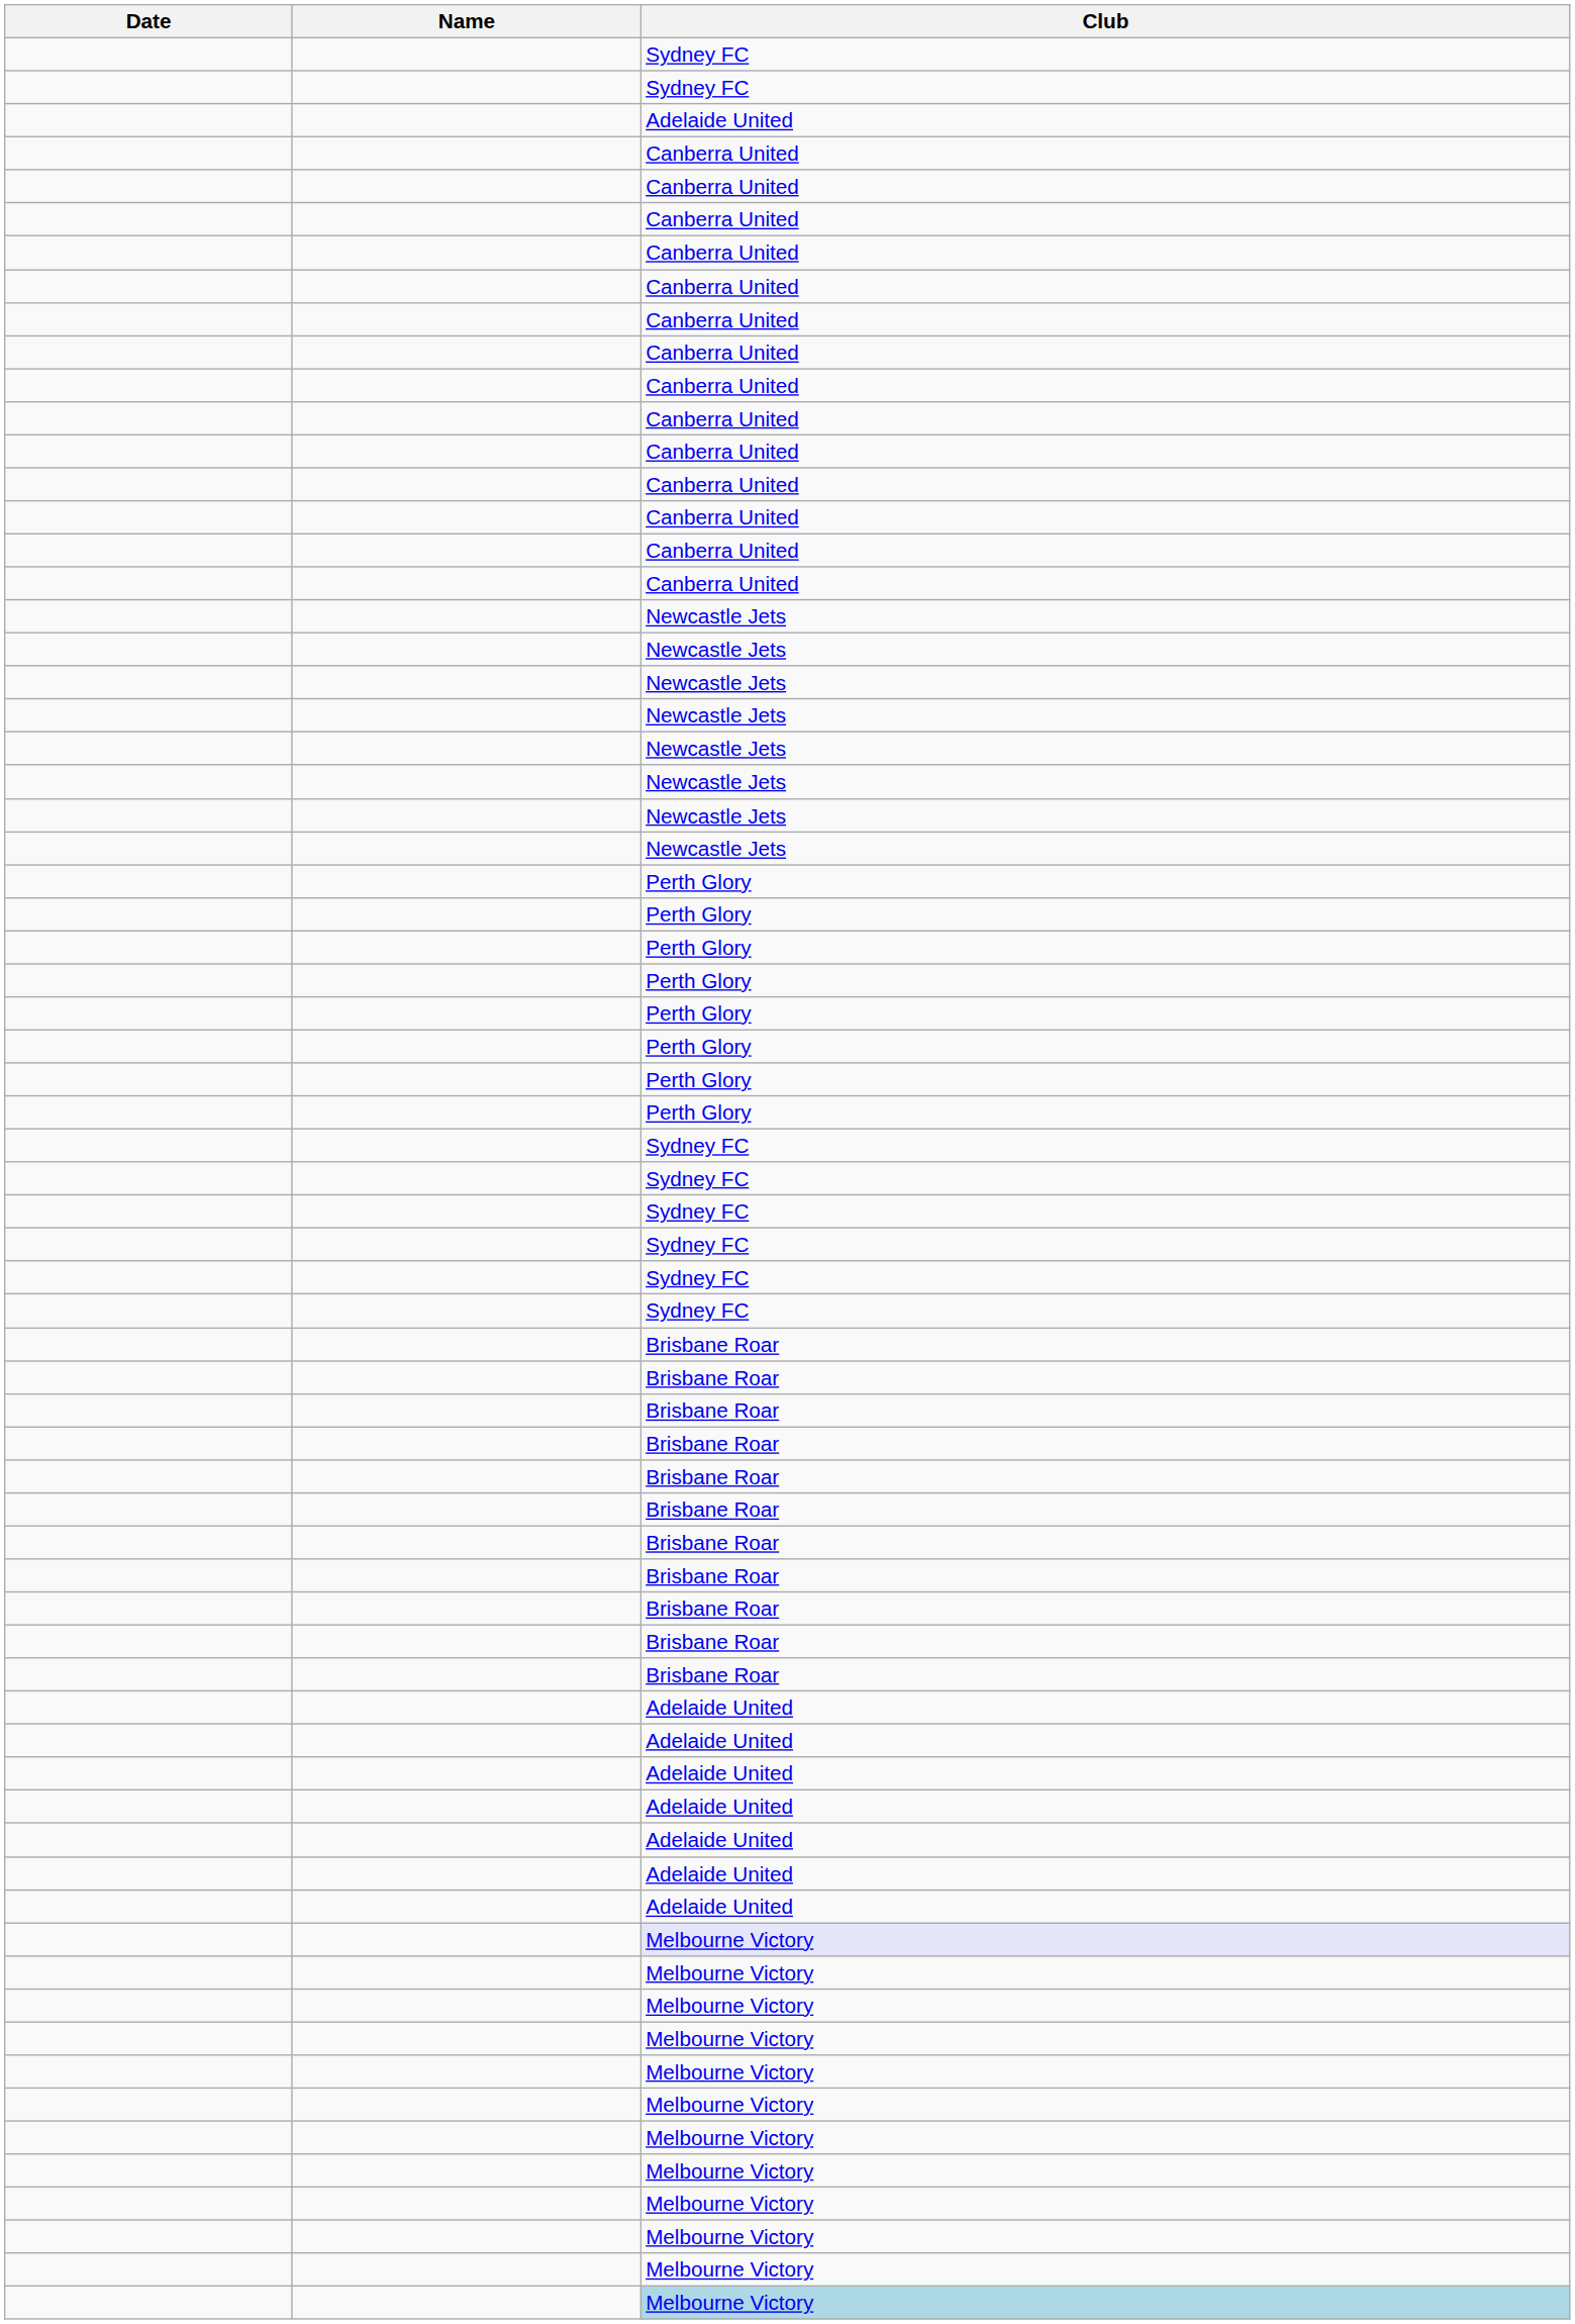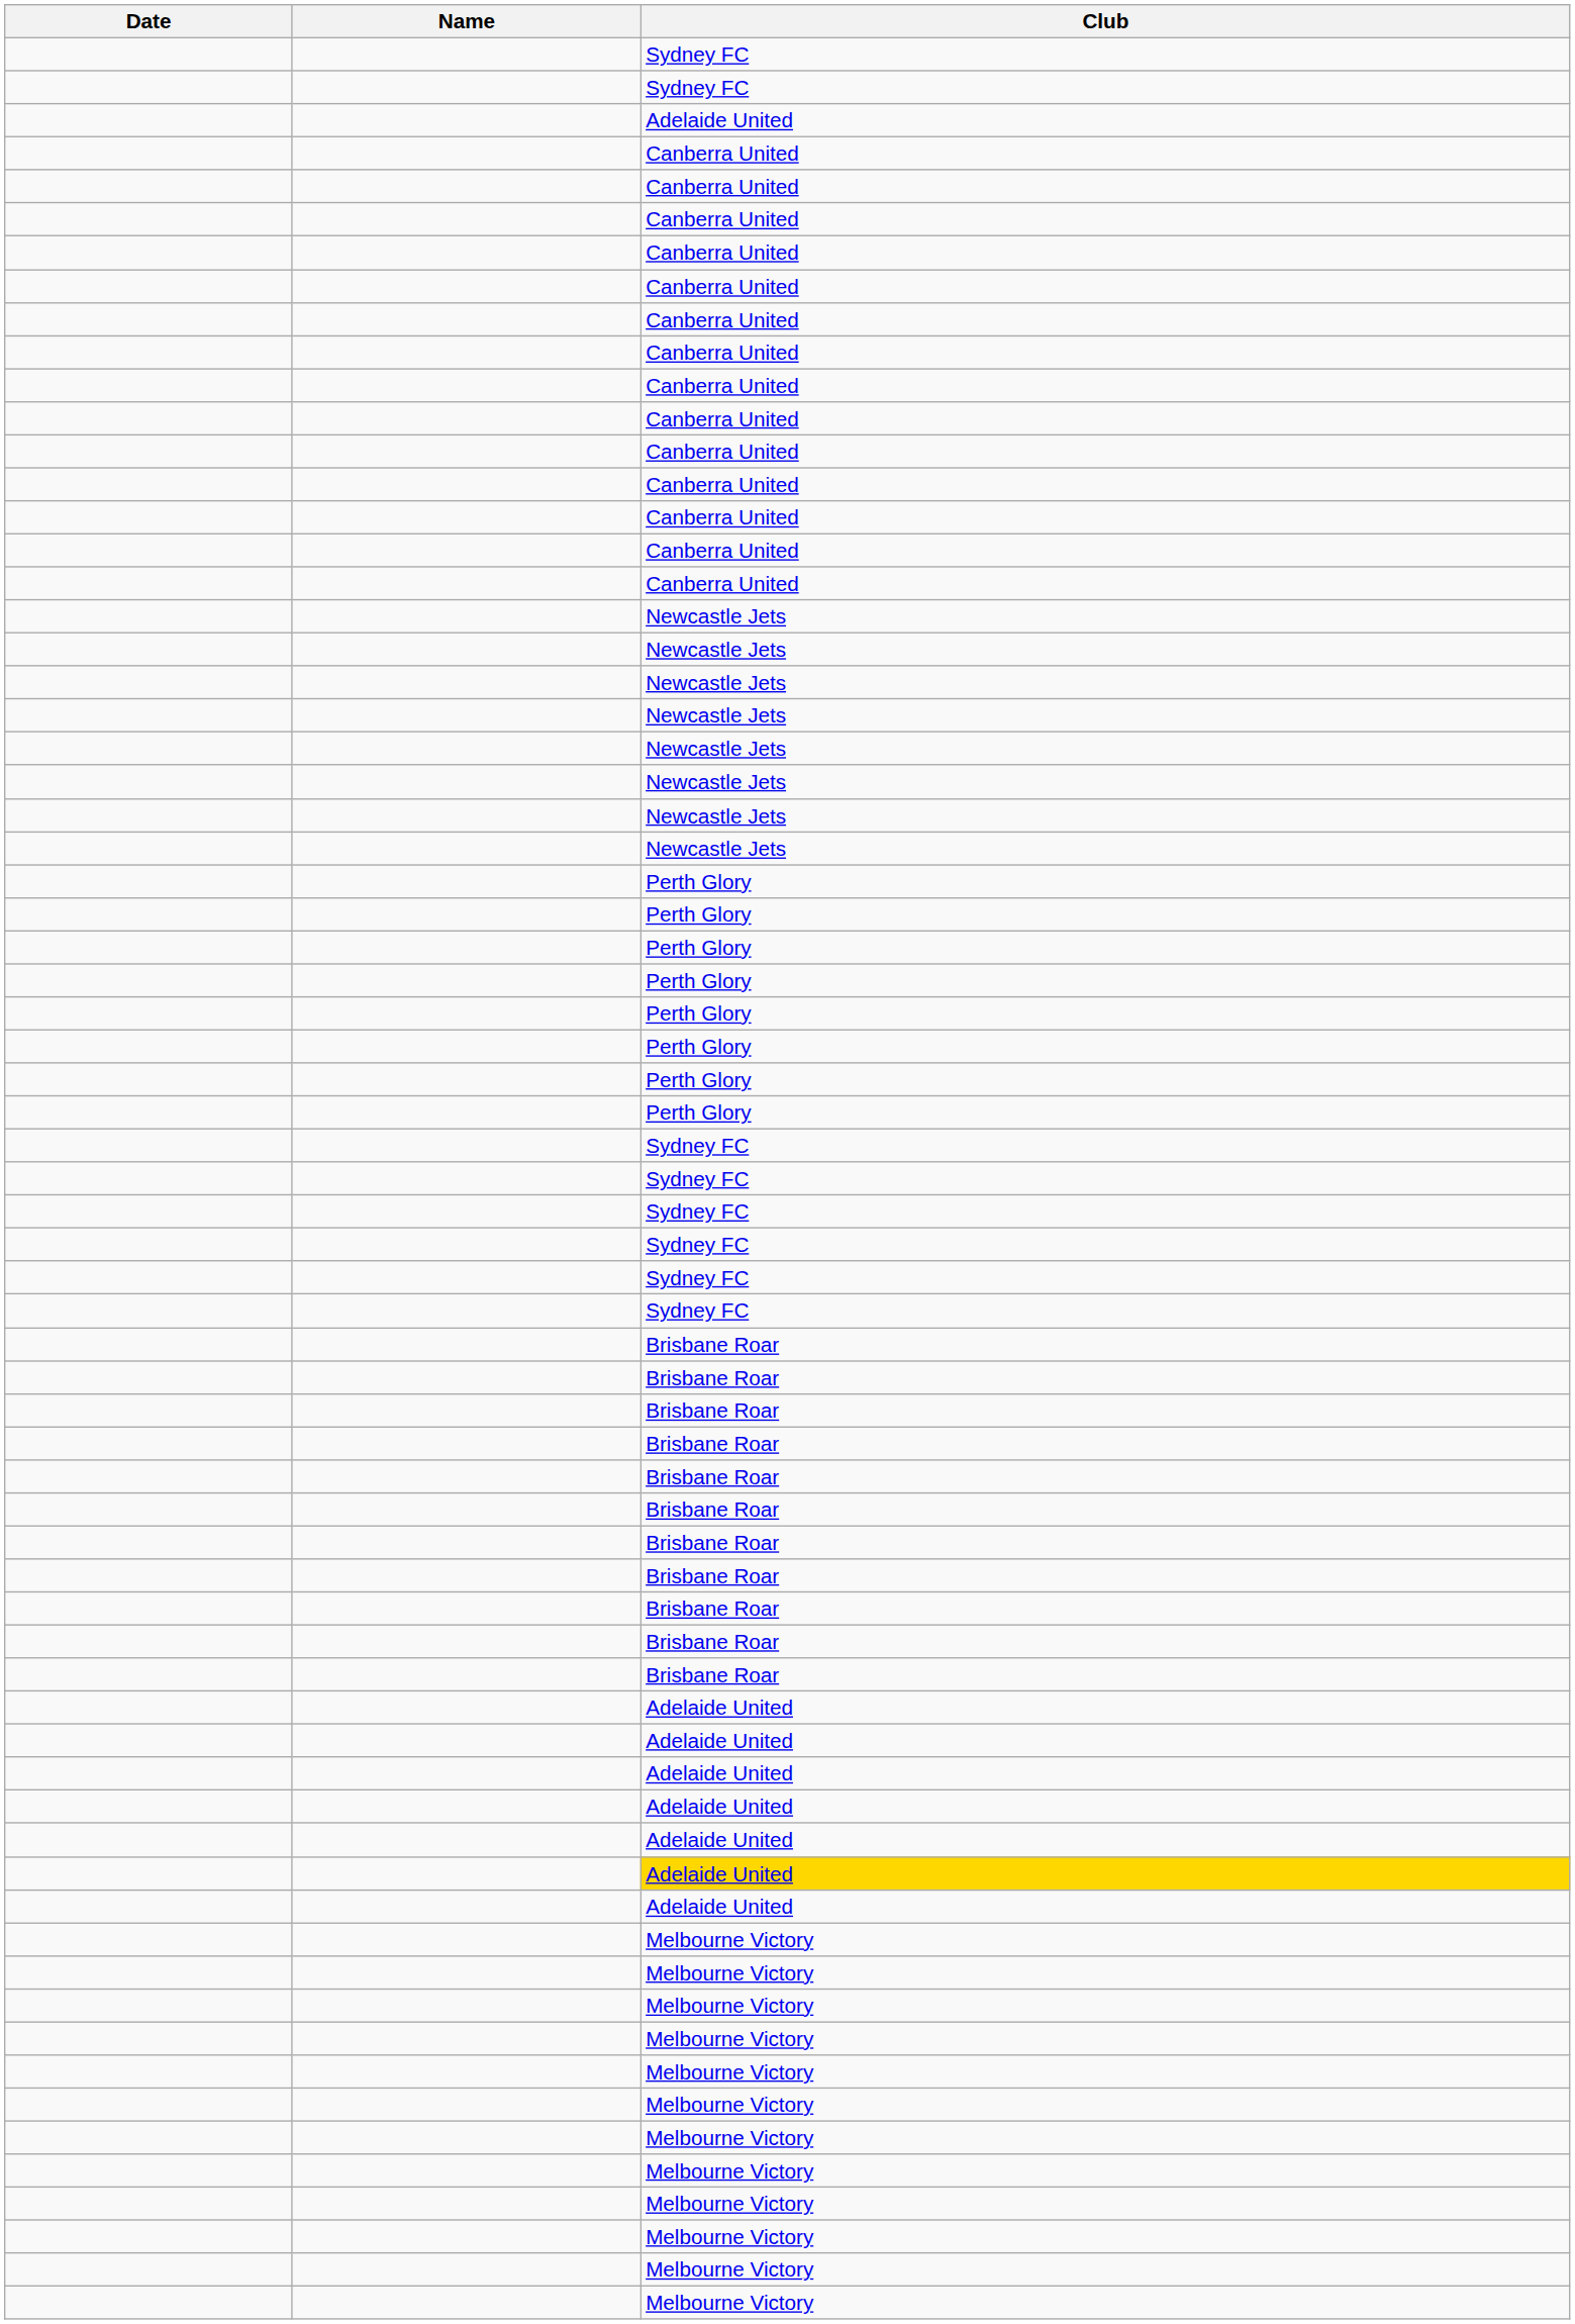 <table class="wikitable sortable" style="width:72%; font-size:95%; ">
 <tr>
 <th>Date</th>
 <th>Name</th>
 <th>Club</th>
 </tr>
 <tr>
 <td></td>
 <td></td>
 <td><a href='#'>Sydney FC</a></td>
 </tr>
 <tr>
 <td></td>
 <td></td>
 <td><a href='#'>Sydney FC</a></td>
 </tr>
 <tr>
 <td></td>
 <td></td>
 <td><a href='#'>Adelaide United</a></td>
 </tr>
 <tr>
 <td></td>
 <td></td>
 <td><a href='#'>Canberra United</a></td>
 </tr>
 <tr>
 <td></td>
 <td></td>
 <td><a href='#'>Canberra United</a></td>
 </tr>
 <tr>
 <td></td>
 <td></td>
 <td><a href='#'>Canberra United</a></td>
 </tr>
 <tr>
 <td></td>
 <td></td>
 <td><a href='#'>Canberra United</a></td>
 </tr>
 <tr>
 <td></td>
 <td></td>
 <td><a href='#'>Canberra United</a></td>
 </tr>
 <tr>
 <td></td>
 <td></td>
 <td><a href='#'>Canberra United</a></td>
 </tr>
 <tr>
 <td></td>
 <td></td>
 <td><a href='#'>Canberra United</a></td>
 </tr>
 <tr>
 <td></td>
 <td></td>
 <td><a href='#'>Canberra United</a></td>
 </tr>
 <tr>
 <td></td>
 <td></td>
 <td><a href='#'>Canberra United</a></td>
 </tr>
 <tr>
 <td></td>
 <td></td>
 <td><a href='#'>Canberra United</a></td>
 </tr>
 <tr>
 <td></td>
 <td></td>
 <td><a href='#'>Canberra United</a></td>
 </tr>
 <tr>
 <td></td>
 <td></td>
 <td><a href='#'>Canberra United</a></td>
 </tr>
 <tr>
 <td></td>
 <td></td>
 <td><a href='#'>Canberra United</a></td>
 </tr>
 <tr>
 <td></td>
 <td></td>
 <td><a href='#'>Canberra United</a></td>
 </tr>
 <tr>
 <td></td>
 <td></td>
 <td><a href='#'>Newcastle Jets</a></td>
 </tr>
 <tr>
 <td></td>
 <td></td>
 <td><a href='#'>Newcastle Jets</a></td>
 </tr>
 <tr>
 <td></td>
 <td></td>
 <td><a href='#'>Newcastle Jets</a></td>
 </tr>
 <tr>
 <td></td>
 <td></td>
 <td><a href='#'>Newcastle Jets</a></td>
 </tr>
 <tr>
 <td></td>
 <td></td>
 <td><a href='#'>Newcastle Jets</a></td>
 </tr>
 <tr>
 <td></td>
 <td></td>
 <td><a href='#'>Newcastle Jets</a></td>
 </tr>
 <tr>
 <td></td>
 <td></td>
 <td><a href='#'>Newcastle Jets</a></td>
 </tr>
 <tr>
 <td></td>
 <td></td>
 <td><a href='#'>Newcastle Jets</a></td>
 </tr>
 <tr>
 <td></td>
 <td></td>
 <td><a href='#'>Perth Glory</a></td>
 </tr>
 <tr>
 <td></td>
 <td></td>
 <td><a href='#'>Perth Glory</a></td>
 </tr>
 <tr>
 <td></td>
 <td></td>
 <td><a href='#'>Perth Glory</a></td>
 </tr>
 <tr>
 <td></td>
 <td></td>
 <td><a href='#'>Perth Glory</a></td>
 </tr>
 <tr>
 <td></td>
 <td></td>
 <td><a href='#'>Perth Glory</a></td>
 </tr>
 <tr>
 <td></td>
 <td></td>
 <td><a href='#'>Perth Glory</a></td>
 </tr>
 <tr>
 <td></td>
 <td></td>
 <td><a href='#'>Perth Glory</a></td>
 </tr>
 <tr>
 <td></td>
 <td></td>
 <td><a href='#'>Perth Glory</a></td>
 </tr>
 <tr>
 <td></td>
 <td></td>
 <td><a href='#'>Sydney FC</a></td>
 </tr>
 <tr>
 <td></td>
 <td></td>
 <td><a href='#'>Sydney FC</a></td>
 </tr>
 <tr>
 <td></td>
 <td></td>
 <td><a href='#'>Sydney FC</a></td>
 </tr>
 <tr>
 <td></td>
 <td></td>
 <td><a href='#'>Sydney FC</a></td>
 </tr>
 <tr>
 <td></td>
 <td></td>
 <td><a href='#'>Sydney FC</a></td>
 </tr>
 <tr>
 <td></td>
 <td></td>
 <td><a href='#'>Sydney FC</a></td>
 </tr>
 <tr>
 <td></td>
 <td></td>
 <td><a href='#'>Brisbane Roar</a></td>
 </tr>
 <tr>
 <td></td>
 <td></td>
 <td><a href='#'>Brisbane Roar</a></td>
 </tr>
 <tr>
 <td></td>
 <td></td>
 <td><a href='#'>Brisbane Roar</a></td>
 </tr>
 <tr>
 <td></td>
 <td></td>
 <td><a href='#'>Brisbane Roar</a></td>
 </tr>
 <tr>
 <td></td>
 <td></td>
 <td><a href='#'>Brisbane Roar</a></td>
 </tr>
 <tr>
 <td></td>
 <td></td>
 <td><a href='#'>Brisbane Roar</a></td>
 </tr>
 <tr>
 <td></td>
 <td></td>
 <td><a href='#'>Brisbane Roar</a></td>
 </tr>
 <tr>
 <td></td>
 <td></td>
 <td><a href='#'>Brisbane Roar</a></td>
 </tr>
 <tr>
 <td></td>
 <td></td>
 <td><a href='#'>Brisbane Roar</a></td>
 </tr>
 <tr>
 <td></td>
 <td></td>
 <td><a href='#'>Brisbane Roar</a></td>
 </tr>
 <tr>
 <td></td>
 <td></td>
 <td><a href='#'>Brisbane Roar</a></td>
 </tr>
 <tr>
 <td></td>
 <td></td>
 <td><a href='#'>Adelaide United</a></td>
 </tr>
 <tr>
 <td></td>
 <td></td>
 <td><a href='#'>Adelaide United</a></td>
 </tr>
 <tr>
 <td></td>
 <td></td>
 <td><a href='#'>Adelaide United</a></td>
 </tr>
 <tr>
 <td></td>
 <td></td>
 <td><a href='#'>Adelaide United</a></td>
 </tr>
 <tr>
 <td></td>
 <td></td>
 <td><a href='#'>Adelaide United</a></td>
 </tr>
 <tr>
 <td></td>
 <td></td>
-<td><a href='#'>Adelaide United</a></td>
+<td style="background: gold;"><a href='#'>Adelaide United</a></td>
 </tr>
 <tr>
 <td></td>
 <td></td>
 <td><a href='#'>Adelaide United</a></td>
-</tr>
-<tr>
-<td></td>
-<td></td>
-<td style="background: lavender;"><a href='#'>Melbourne Victory</a></td>
 </tr>
 <tr>
 <td></td>
 <td></td>
 <td><a href='#'>Melbourne Victory</a></td>
 </tr>
 <tr>
 <td></td>
 <td></td>
 <td><a href='#'>Melbourne Victory</a></td>
 </tr>
 <tr>
 <td></td>
 <td></td>
 <td><a href='#'>Melbourne Victory</a></td>
 </tr>
 <tr>
 <td></td>
 <td></td>
 <td><a href='#'>Melbourne Victory</a></td>
 </tr>
 <tr>
 <td></td>
 <td></td>
 <td><a href='#'>Melbourne Victory</a></td>
 </tr>
 <tr>
 <td></td>
 <td></td>
 <td><a href='#'>Melbourne Victory</a></td>
 </tr>
 <tr>
 <td></td>
 <td></td>
 <td><a href='#'>Melbourne Victory</a></td>
 </tr>
 <tr>
 <td></td>
 <td></td>
 <td><a href='#'>Melbourne Victory</a></td>
 </tr>
 <tr>
 <td></td>
 <td></td>
 <td><a href='#'>Melbourne Victory</a></td>
 </tr>
 <tr>
 <td></td>
 <td></td>
 <td><a href='#'>Melbourne Victory</a></td>
 </tr>
 <tr>
 <td></td>
 <td></td>
-<td style="background: lightblue;"><a href='#'>Melbourne Victory</a></td>
+<td><a href='#'>Melbourne Victory</a></td>
+</tr>
+<tr>
+<td></td>
+<td></td>
+<td><a href='#'>Melbourne Victory</a></td>
 </tr>
 </table>
